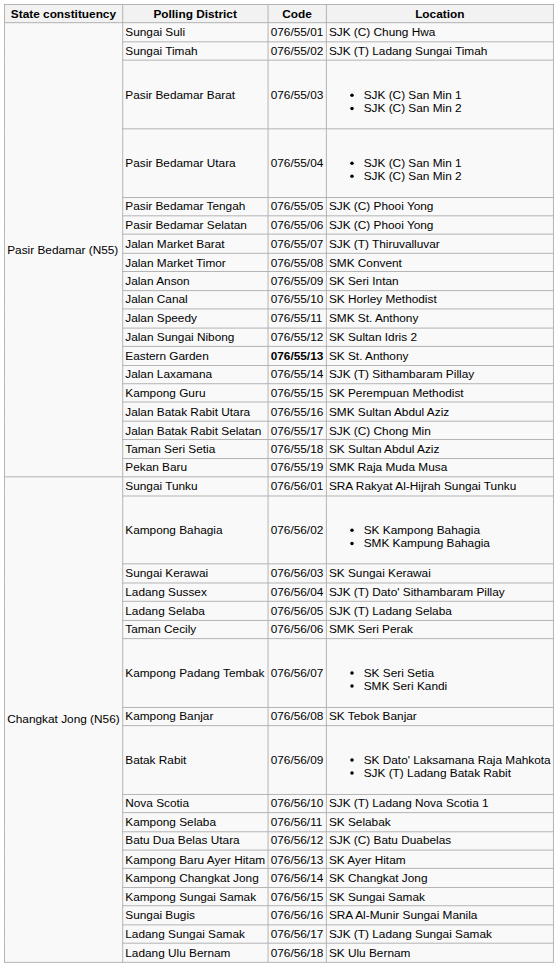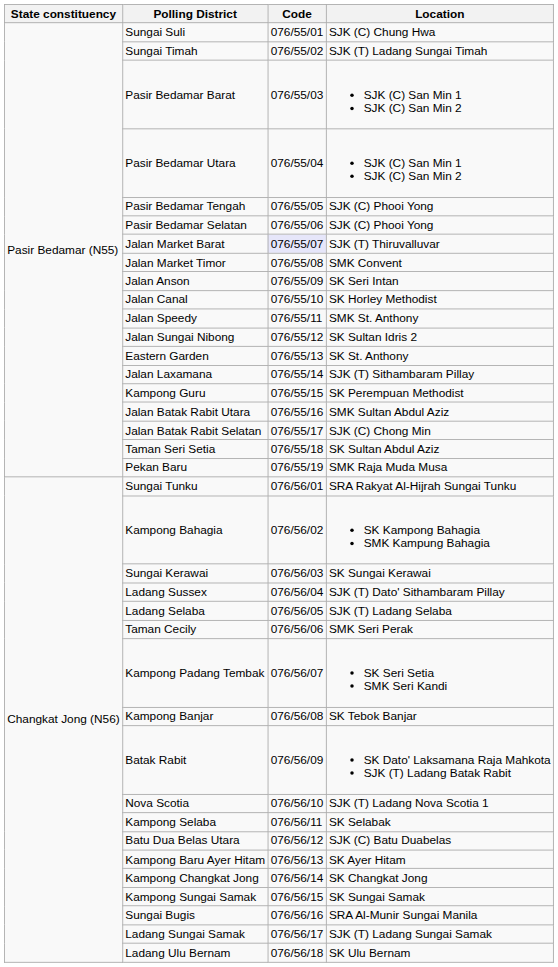 <table class="wikitable sortable mw-collapsible" style="white-space:nowrap;font-size:85%">
 <tr>
 <th>State constituency</th>
 <th>Polling District</th>
 <th>Code</th>
 <th>Location</th>
 </tr>
 <tr>
 <td rowspan="19">Pasir Bedamar (N55)</td>
 <td>Sungai Suli</td>
 <td>076/55/01</td>
 <td>SJK (C) Chung Hwa</td>
 </tr>
 <tr>
 <td>Sungai Timah</td>
 <td>076/55/02</td>
 <td>SJK (T) Ladang Sungai Timah</td>
 </tr>
 <tr>
 <td>Pasir Bedamar Barat</td>
 <td>076/55/03</td>
 <td><br><ul><li>SJK (C) San Min 1</li><li>SJK (C) San Min 2</li></ul></td>
 </tr>
 <tr>
 <td>Pasir Bedamar Utara</td>
 <td>076/55/04</td>
 <td><br><ul><li>SJK (C) San Min 1</li><li>SJK (C) San Min 2</li></ul></td>
 </tr>
 <tr>
 <td>Pasir Bedamar Tengah</td>
 <td>076/55/05</td>
 <td>SJK (C) Phooi Yong</td>
 </tr>
 <tr>
 <td>Pasir Bedamar Selatan</td>
 <td>076/55/06</td>
 <td>SJK (C) Phooi Yong</td>
 </tr>
 <tr>
 <td>Jalan Market Barat</td>
-<td>076/55/07</td>
+<td style="background: lavender;">076/55/07</td>
 <td>SJK (T) Thiruvalluvar</td>
 </tr>
 <tr>
 <td>Jalan Market Timor</td>
 <td>076/55/08</td>
 <td>SMK Convent</td>
 </tr>
 <tr>
 <td>Jalan Anson</td>
 <td>076/55/09</td>
 <td>SK Seri Intan</td>
 </tr>
 <tr>
 <td>Jalan Canal</td>
 <td>076/55/10</td>
 <td>SK Horley Methodist</td>
 </tr>
 <tr>
 <td>Jalan Speedy</td>
 <td>076/55/11</td>
 <td>SMK St. Anthony</td>
 </tr>
 <tr>
 <td>Jalan Sungai Nibong</td>
 <td>076/55/12</td>
 <td>SK Sultan Idris 2</td>
 </tr>
 <tr>
 <td>Eastern Garden</td>
-<td><strong>076/55/13</strong></td>
+<td>076/55/13</td>
 <td>SK St. Anthony</td>
 </tr>
 <tr>
 <td>Jalan Laxamana</td>
 <td>076/55/14</td>
 <td>SJK (T) Sithambaram Pillay</td>
 </tr>
 <tr>
 <td>Kampong Guru</td>
 <td>076/55/15</td>
 <td>SK Perempuan Methodist</td>
 </tr>
 <tr>
 <td>Jalan Batak Rabit Utara</td>
 <td>076/55/16</td>
 <td>SMK Sultan Abdul Aziz</td>
 </tr>
 <tr>
 <td>Jalan Batak Rabit Selatan</td>
 <td>076/55/17</td>
 <td>SJK (C) Chong Min</td>
 </tr>
 <tr>
 <td>Taman Seri Setia</td>
 <td>076/55/18</td>
 <td>SK Sultan Abdul Aziz</td>
 </tr>
 <tr>
 <td>Pekan Baru</td>
 <td>076/55/19</td>
 <td>SMK Raja Muda Musa</td>
 </tr>
 <tr>
 <td rowspan="18">Changkat Jong (N56)</td>
 <td>Sungai Tunku</td>
 <td>076/56/01</td>
 <td>SRA Rakyat Al-Hijrah Sungai Tunku</td>
 </tr>
 <tr>
 <td>Kampong Bahagia</td>
 <td>076/56/02</td>
 <td><br><ul><li>SK Kampong Bahagia</li><li>SMK Kampung Bahagia</li></ul></td>
 </tr>
 <tr>
 <td>Sungai Kerawai</td>
 <td>076/56/03</td>
 <td>SK Sungai Kerawai</td>
 </tr>
 <tr>
 <td>Ladang Sussex</td>
 <td>076/56/04</td>
 <td>SJK (T) Dato' Sithambaram Pillay</td>
 </tr>
 <tr>
 <td>Ladang Selaba</td>
 <td>076/56/05</td>
 <td>SJK (T) Ladang Selaba</td>
 </tr>
 <tr>
 <td>Taman Cecily</td>
 <td>076/56/06</td>
 <td>SMK Seri Perak</td>
 </tr>
 <tr>
 <td>Kampong Padang Tembak</td>
 <td>076/56/07</td>
 <td><br><ul><li>SK Seri Setia</li><li>SMK Seri Kandi</li></ul></td>
 </tr>
 <tr>
 <td>Kampong Banjar</td>
 <td>076/56/08</td>
 <td>SK Tebok Banjar</td>
 </tr>
 <tr>
 <td>Batak Rabit</td>
 <td>076/56/09</td>
 <td><br><ul><li>SK Dato' Laksamana Raja Mahkota</li><li>SJK (T) Ladang Batak Rabit</li></ul></td>
 </tr>
 <tr>
 <td>Nova Scotia</td>
 <td>076/56/10</td>
 <td>SJK (T) Ladang Nova Scotia 1</td>
 </tr>
 <tr>
 <td>Kampong Selaba</td>
 <td>076/56/11</td>
 <td>SK Selabak</td>
 </tr>
 <tr>
 <td>Batu Dua Belas Utara</td>
 <td>076/56/12</td>
 <td>SJK (C) Batu Duabelas</td>
 </tr>
 <tr>
 <td>Kampong Baru Ayer Hitam</td>
 <td>076/56/13</td>
 <td>SK Ayer Hitam</td>
 </tr>
 <tr>
 <td>Kampong Changkat Jong</td>
 <td>076/56/14</td>
 <td>SK Changkat Jong</td>
 </tr>
 <tr>
 <td>Kampong Sungai Samak</td>
 <td>076/56/15</td>
 <td>SK Sungai Samak</td>
 </tr>
 <tr>
 <td>Sungai Bugis</td>
 <td>076/56/16</td>
 <td>SRA Al-Munir Sungai Manila</td>
 </tr>
 <tr>
 <td>Ladang Sungai Samak</td>
 <td>076/56/17</td>
 <td>SJK (T) Ladang Sungai Samak</td>
 </tr>
 <tr>
 <td>Ladang Ulu Bernam</td>
 <td>076/56/18</td>
 <td>SK Ulu Bernam</td>
 </tr>
 </table>
